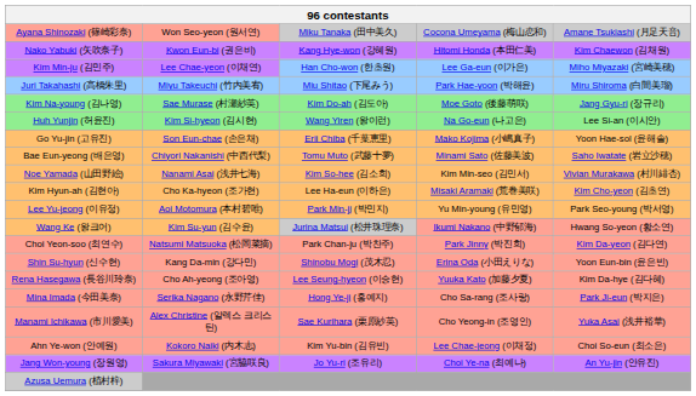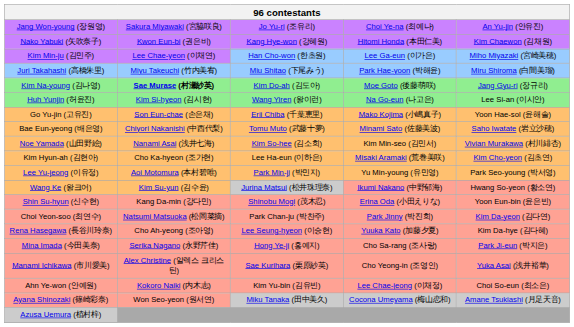 <table class="wikitable" style="text-align:center; width:100%; font-size: 75%;">
 <tr>
 <th scope="col" style="width:100%; font-size: 125%;" colspan="5">96 contestants</th>
 </tr>
 <tr>
-<td style="background:#FFA294;" width="10%"><a href='#'>Ayana Shinozaki</a> (篠崎彩奈)</td>
-<td style="background:#FFA294;" width="10%">Won Seo-yeon (원서연)</td>
-<td style="background:#CCCCCC;" width="10%"><a href='#'>Miku Tanaka</a> (田中美久)</td>
-<td style="background:#CCCCCC;" width="10%"><a href='#'>Cocona Umeyama</a> (梅山恋和)</td>
-<td style="background:#CCCCCC;" width="10%"><a href='#'>Amane Tsukiashi</a> (月足天音)</td>
+<td width="10%" style="background:#CA82FF"><a href='#'>Jang Won-young</a> (장원영)</td>
+<td width="10%" style="background:#CA82FF"><a href='#'>Sakura Miyawaki</a> (宮脇咲良)</td>
+<td width="10%" style="background:#CA82FF"><a href='#'>Jo Yu-ri</a> (조유리)</td>
+<td width="10%" style="background:#CA82FF"><a href='#'>Choi Ye-na</a> (최예나)</td>
+<td width="10%" style="background:#CA82FF"><a href='#'>An Yu-jin</a> (안유진)</td>
 </tr>
 <tr>
 <td width="10%" style="background:#CA82FF"><a href='#'>Nako Yabuki</a> (矢吹奈子)</td>
 <td width="10%" style="background:#CA82FF"><a href='#'>Kwon Eun-bi</a> (권은비)</td>
 <td width="10%" style="background:#CA82FF"><a href='#'>Kang Hye-won</a> (강혜원)</td>
 <td width="10%" style="background:#CA82FF"><a href='#'>Hitomi Honda</a> (本田仁美)</td>
 <td width="10%" style="background:#CA82FF"><a href='#'>Kim Chaewon</a> (김채원)</td>
 </tr>
 <tr>
 <td width="10%" style="background:#CA82FF"><a href='#'>Kim Min-ju</a> (김민주)</td>
 <td width="10%" style="background:#CA82FF"><a href='#'>Lee Chae-yeon</a> (이채연)</td>
 <td width="10%" style="background:#99CCFF"><a href='#'>Han Cho-won</a> (한초원)</td>
 <td width="10%" style="background:#99CCFF"><a href='#'>Lee Ga-eun</a> (이가은)</td>
 <td width="10%" style="background:#99CCFF"><a href='#'>Miho Miyazaki</a> (宮崎美穂)</td>
 </tr>
 <tr>
 <td width="10%" style="background:#99CCFF"><a href='#'>Juri Takahashi</a> (高橋朱里)</td>
 <td width="10%" style="background:#99CCFF"><a href='#'>Miyu Takeuchi</a> (竹内美宥)</td>
 <td width="10%" style="background:#99CCFF"><a href='#'>Miu Shitao</a> (下尾みう)</td>
 <td width="10%" style="background:#99CCFF"><a href='#'>Park Hae-yoon</a> (박해윤)</td>
 <td width="10%" style="background:#99CCFF"><a href='#'>Miru Shiroma</a> (白間美瑠)</td>
 </tr>
 <tr>
 <td width="10%" style="background:#90EE90"><a href='#'>Kim Na-young</a> (김나영)</td>
-<td width="10%" style="background:#90EE90"><a href='#'>Sae Murase</a> (村瀬紗英)</td>
+<td width="10%" style="background:#90EE90"><strong><a href='#'>Sae Murase</a> (村瀬紗英)</strong></td>
 <td width="10%" style="background:#90EE90"><a href='#'>Kim Do-ah</a> (김도아)</td>
 <td width="10%" style="background:#90EE90"><a href='#'>Moe Goto</a> (後藤萌咲)</td>
 <td width="10%" style="background:#90EE90"><a href='#'>Jang Gyu-ri</a> (장규리)</td>
 </tr>
 <tr>
 <td width="10%" style="background:#90EE90"><a href='#'>Huh Yunjin</a> (허윤진)</td>
 <td width="10%" style="background:#90EE90"><a href='#'>Kim Si-hyeon</a> (김시현)</td>
 <td width="10%" style="background:#90EE90"><a href='#'>Wang Yiren</a> (왕이런)</td>
 <td width="10%" style="background:#90EE90"><a href='#'>Na Go-eun</a> (나고은)</td>
 <td width="10%" style="background:#90EE90">Lee Si-an (이시안)</td>
 </tr>
 <tr>
 <td width="10%" style="background:#FFC06F">Go Yu-jin (고유진)</td>
 <td width="10%" style="background:#FFC06F"><a href='#'>Son Eun-chae</a> (손은채)</td>
 <td width="10%" style="background:#FFC06F"><a href='#'>Erii Chiba</a> (千葉恵里)</td>
 <td width="10%" style="background:#FFC06F"><a href='#'>Mako Kojima</a> (小嶋真子)</td>
 <td width="10%" style="background:#FFC06F">Yoon Hae-sol (윤해솔)</td>
 </tr>
 <tr>
 <td width="10%" style="background:#FFC06F">Bae Eun-yeong (배은영)</td>
 <td width="10%" style="background:#FFC06F"><a href='#'>Chiyori Nakanishi</a> (中西代梨)</td>
 <td width="10%" style="background:#FFC06F"><a href='#'>Tomu Muto</a> (武藤十夢)</td>
 <td width="10%" style="background:#FFC06F"><a href='#'>Minami Sato</a> (佐藤美波)</td>
 <td width="10%" style="background:#FFC06F"><a href='#'>Saho Iwatate</a> (岩立沙穂)</td>
 </tr>
 <tr>
 <td width="10%" style="background:#FFC06F"><a href='#'>Noe Yamada</a> (山田野絵)</td>
 <td width="10%" style="background:#FFC06F"><a href='#'>Nanami Asai</a> (浅井七海)</td>
 <td width="10%" style="background:#FFC06F"><a href='#'>Kim So-hee</a> (김소희)</td>
 <td width="10%" style="background:#FFC06F">Kim Min-seo (김민서)</td>
 <td width="10%" style="background:#FFC06F"><a href='#'>Vivian Murakawa</a> (村川緋杏)</td>
 </tr>
 <tr>
 <td width="10%" style="background:#FFC06F">Kim Hyun-ah (김현아)</td>
 <td width="10%" style="background:#FFC06F">Cho Ka-hyeon (조가현)</td>
 <td width="10%" style="background:#FFC06F">Lee Ha-eun (이하은)</td>
 <td width="10%" style="background:#FFC06F"><a href='#'>Misaki Aramaki</a> (荒巻美咲)</td>
 <td width="10%" style="background:#FFC06F"><a href='#'>Kim Cho-yeon</a> (김초연)</td>
 </tr>
 <tr>
 <td width="10%" style="background:#FFC06F"><a href='#'>Lee Yu-jeong</a> (이유정)</td>
 <td width="10%" style="background:#FFC06F"><a href='#'>Aoi Motomura</a> (本村碧唯)</td>
 <td width="10%" style="background:#FFC06F"><a href='#'>Park Min-ji</a> (박민지)</td>
 <td width="10%" style="background:#FFC06F">Yu Min-young (유민영)</td>
 <td width="10%" style="background:#FFC06F">Park Seo-young (박서영)</td>
 </tr>
 <tr>
 <td width="10%" style="background:#FFC06F"><a href='#'>Wang Ke</a> (왕크어)</td>
 <td width="10%" style="background:#FFC06F"><a href='#'>Kim Su-yun</a> (김수윤)</td>
 <td width="10%" style="background:#CCCCCC"><a href='#'>Jurina Matsui</a> (松井珠理奈)</td>
 <td style="background:#FFA294;" width="10%"><a href='#'>Ikumi Nakano</a> (中野郁海)</td>
 <td style="background:#FFA294;" width="10%">Hwang So-yeon (황소연)</td>
 </tr>
 <tr>
+<td style="background:#FFA294;" width="10%"><a href='#'>Shin Su-hyun</a> (신수현)</td>
+<td style="background:#FFA294;" width="10%">Kang Da-min (강다민)</td>
+<td style="background:#FFA294;" width="10%"><a href='#'>Shinobu Mogi</a> (茂木忍)</td>
+<td style="background:#FFA294;" width="10%"><a href='#'>Erina Oda</a> (小田えりな)</td>
+<td style="background:#FFA294;" width="10%">Yoon Eun-bin (윤은빈)</td>
+</tr>
+<tr>
 <td style="background:#FFA294;" width="10%">Choi Yeon-soo (최연수)</td>
 <td style="background:#FFA294;" width="10%"><a href='#'>Natsumi Matsuoka</a> (松岡菜摘)</td>
 <td style="background:#FFA294;" width="10%">Park Chan-ju (박찬주)</td>
 <td style="background:#FFA294;" width="10%"><a href='#'>Park Jinny</a> (박진희)</td>
 <td style="background:#FFA294;" width="10%"><a href='#'>Kim Da-yeon</a> (김다연)</td>
-</tr>
-<tr>
-<td style="background:#FFA294;" width="10%"><a href='#'>Shin Su-hyun</a> (신수현)</td>
-<td style="background:#FFA294;" width="10%">Kang Da-min (강다민)</td>
-<td style="background:#FFA294;" width="10%"><a href='#'>Shinobu Mogi</a> (茂木忍)</td>
-<td style="background:#FFA294;" width="10%"><a href='#'>Erina Oda</a> (小田えりな)</td>
-<td style="background:#FFA294;" width="10%">Yoon Eun-bin (윤은빈)</td>
 </tr>
 <tr>
 <td style="background:#FFA294;" width="10%"><a href='#'>Rena Hasegawa</a> (長谷川玲奈)</td>
 <td style="background:#FFA294;" width="10%">Cho Ah-yeong (조아영)</td>
 <td style="background:#FFA294;" width="10%"><a href='#'>Lee Seung-hyeon</a> (이승현)</td>
 <td style="background:#FFA294;" width="10%"><a href='#'>Yuuka Kato</a> (加藤夕夏)</td>
 <td style="background:#FFA294;" width="10%">Kim Da-hye (김다혜)</td>
 </tr>
 <tr>
 <td style="background:#FFA294;" width="10%"><a href='#'>Mina Imada</a> (今田美奈)</td>
 <td style="background:#FFA294;" width="10%"><a href='#'>Serika Nagano</a> (永野芹佳)</td>
 <td style="background:#FFA294;" width="10%"><a href='#'>Hong Ye-ji</a> (홍예지)</td>
 <td style="background:#FFA294;" width="10%">Cho Sa-rang (조사랑)</td>
 <td style="background:#FFA294;" width="10%"><a href='#'>Park Ji-eun</a> (박지은)</td>
 </tr>
 <tr>
 <td style="background:#FFA294;" width="10%"><a href='#'>Manami Ichikawa</a> (市川愛美)</td>
 <td style="background:#FFA294;" width="10%"><a href='#'>Alex Christine</a> (알렉스 크리스틴)</td>
 <td style="background:#FFA294;" width="10%"><a href='#'>Sae Kurihara</a> (栗原紗英)</td>
 <td style="background:#FFA294;" width="10%">Cho Yeong-in (조영인)</td>
 <td style="background:#FFA294;" width="10%"><a href='#'>Yuka Asai</a> (浅井裕華)</td>
 </tr>
 <tr>
 <td style="background:#FFA294;" width="10%">Ahn Ye-won (안예원)</td>
 <td style="background:#FFA294;" width="10%"><a href='#'>Kokoro Naiki</a> (内木志)</td>
 <td style="background:#FFA294;" width="10%">Kim Yu-bin (김유빈)</td>
 <td style="background:#FFA294;" width="10%"><a href='#'>Lee Chae-jeong</a> (이채정)</td>
 <td style="background:#FFA294;" width="10%">Choi So-eun (최소은)</td>
 </tr>
 <tr>
-<td width="10%" style="background:#CA82FF"><a href='#'>Jang Won-young</a> (장원영)</td>
-<td width="10%" style="background:#CA82FF"><a href='#'>Sakura Miyawaki</a> (宮脇咲良)</td>
-<td width="10%" style="background:#CA82FF"><a href='#'>Jo Yu-ri</a> (조유리)</td>
-<td width="10%" style="background:#CA82FF"><a href='#'>Choi Ye-na</a> (최예나)</td>
-<td width="10%" style="background:#CA82FF"><a href='#'>An Yu-jin</a> (안유진)</td>
+<td style="background:#FFA294;" width="10%"><a href='#'>Ayana Shinozaki</a> (篠崎彩奈)</td>
+<td style="background:#FFA294;" width="10%">Won Seo-yeon (원서연)</td>
+<td style="background:#CCCCCC;" width="10%"><a href='#'>Miku Tanaka</a> (田中美久)</td>
+<td style="background:#CCCCCC;" width="10%"><a href='#'>Cocona Umeyama</a> (梅山恋和)</td>
+<td style="background:#CCCCCC;" width="10%"><a href='#'>Amane Tsukiashi</a> (月足天音)</td>
 </tr>
 <tr>
 <td style="background:#CCCCCC;" width="10%"><a href='#'>Azusa Uemura</a> (植村梓)</td>
 <td colspan="4" style="background:darkgray;"></td>
 </tr>
 <tr>
 </tr>
 </table>
